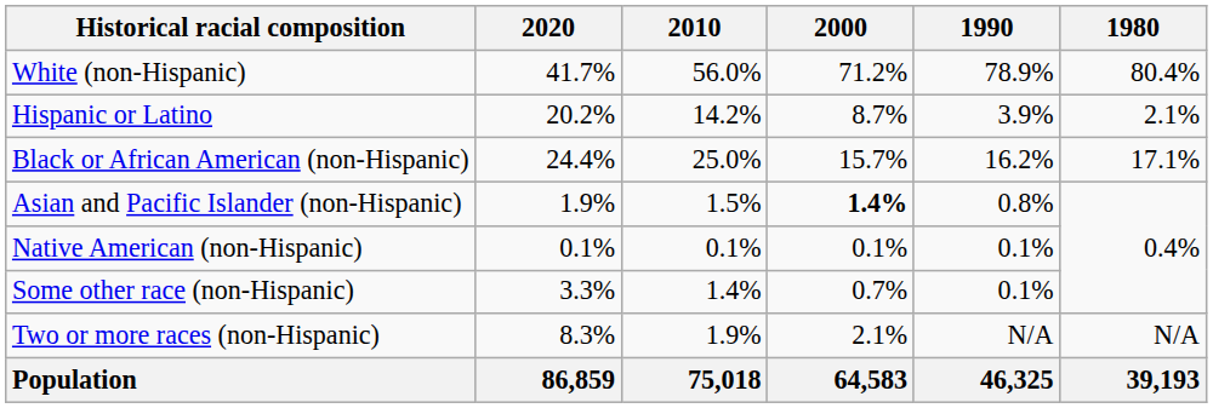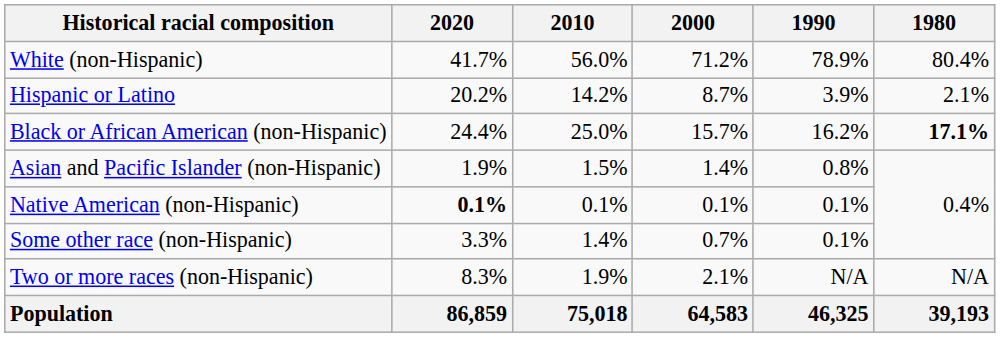 <table class="wikitable" style="font-size: 90%; text-align: right;">
 <tr>
 <th>Historical racial composition</th>
 <th style="width: 5em;">2020</th>
 <th style="width: 5em;">2010</th>
 <th style="width: 5em;">2000</th>
 <th style="width: 5em;">1990</th>
 <th style="width: 5em;">1980</th>
 </tr>
 <tr>
 <td style="text-align:left"><a href='#'>White</a> (non-Hispanic)</td>
 <td>41.7%</td>
 <td>56.0%</td>
 <td>71.2%</td>
 <td>78.9%</td>
 <td>80.4%</td>
 </tr>
 <tr>
 <td style="text-align:left"><a href='#'>Hispanic or Latino</a></td>
 <td>20.2%</td>
 <td>14.2%</td>
 <td>8.7%</td>
 <td>3.9%</td>
 <td>2.1%</td>
 </tr>
 <tr>
 <td style="text-align:left"><a href='#'>Black or African American</a> (non-Hispanic)</td>
 <td>24.4%</td>
 <td>25.0%</td>
 <td>15.7%</td>
 <td>16.2%</td>
-<td>17.1%</td>
+<td><strong>17.1%</strong></td>
 </tr>
 <tr>
 <td style="text-align:left"><a href='#'>Asian</a> and <a href='#'>Pacific Islander</a> (non-Hispanic)</td>
 <td>1.9%</td>
 <td>1.5%</td>
-<td><strong>1.4%</strong></td>
+<td>1.4%</td>
 <td>0.8%</td>
 <td rowspan="3">0.4%</td>
 </tr>
 <tr>
 <td style="text-align:left"><a href='#'>Native American</a> (non-Hispanic)</td>
-<td>0.1%</td>
+<td><strong>0.1%</strong></td>
 <td>0.1%</td>
 <td>0.1%</td>
 <td>0.1%</td>
 </tr>
 <tr>
 <td style="text-align:left"><a href='#'>Some other race</a> (non-Hispanic)</td>
 <td>3.3%</td>
 <td>1.4%</td>
 <td>0.7%</td>
 <td>0.1%</td>
 </tr>
 <tr>
 <td style="text-align:left"><a href='#'>Two or more races</a> (non-Hispanic)</td>
 <td>8.3%</td>
 <td>1.9%</td>
 <td>2.1%</td>
 <td>N/A</td>
 <td>N/A</td>
 </tr>
 <tr>
 <th style="text-align:left">Population</th>
 <th style="text-align:right">86,859</th>
 <th style="text-align:right">75,018</th>
 <th style="text-align:right">64,583</th>
 <th style="text-align:right">46,325</th>
 <th style="text-align:right">39,193</th>
 </tr>
 </table>
